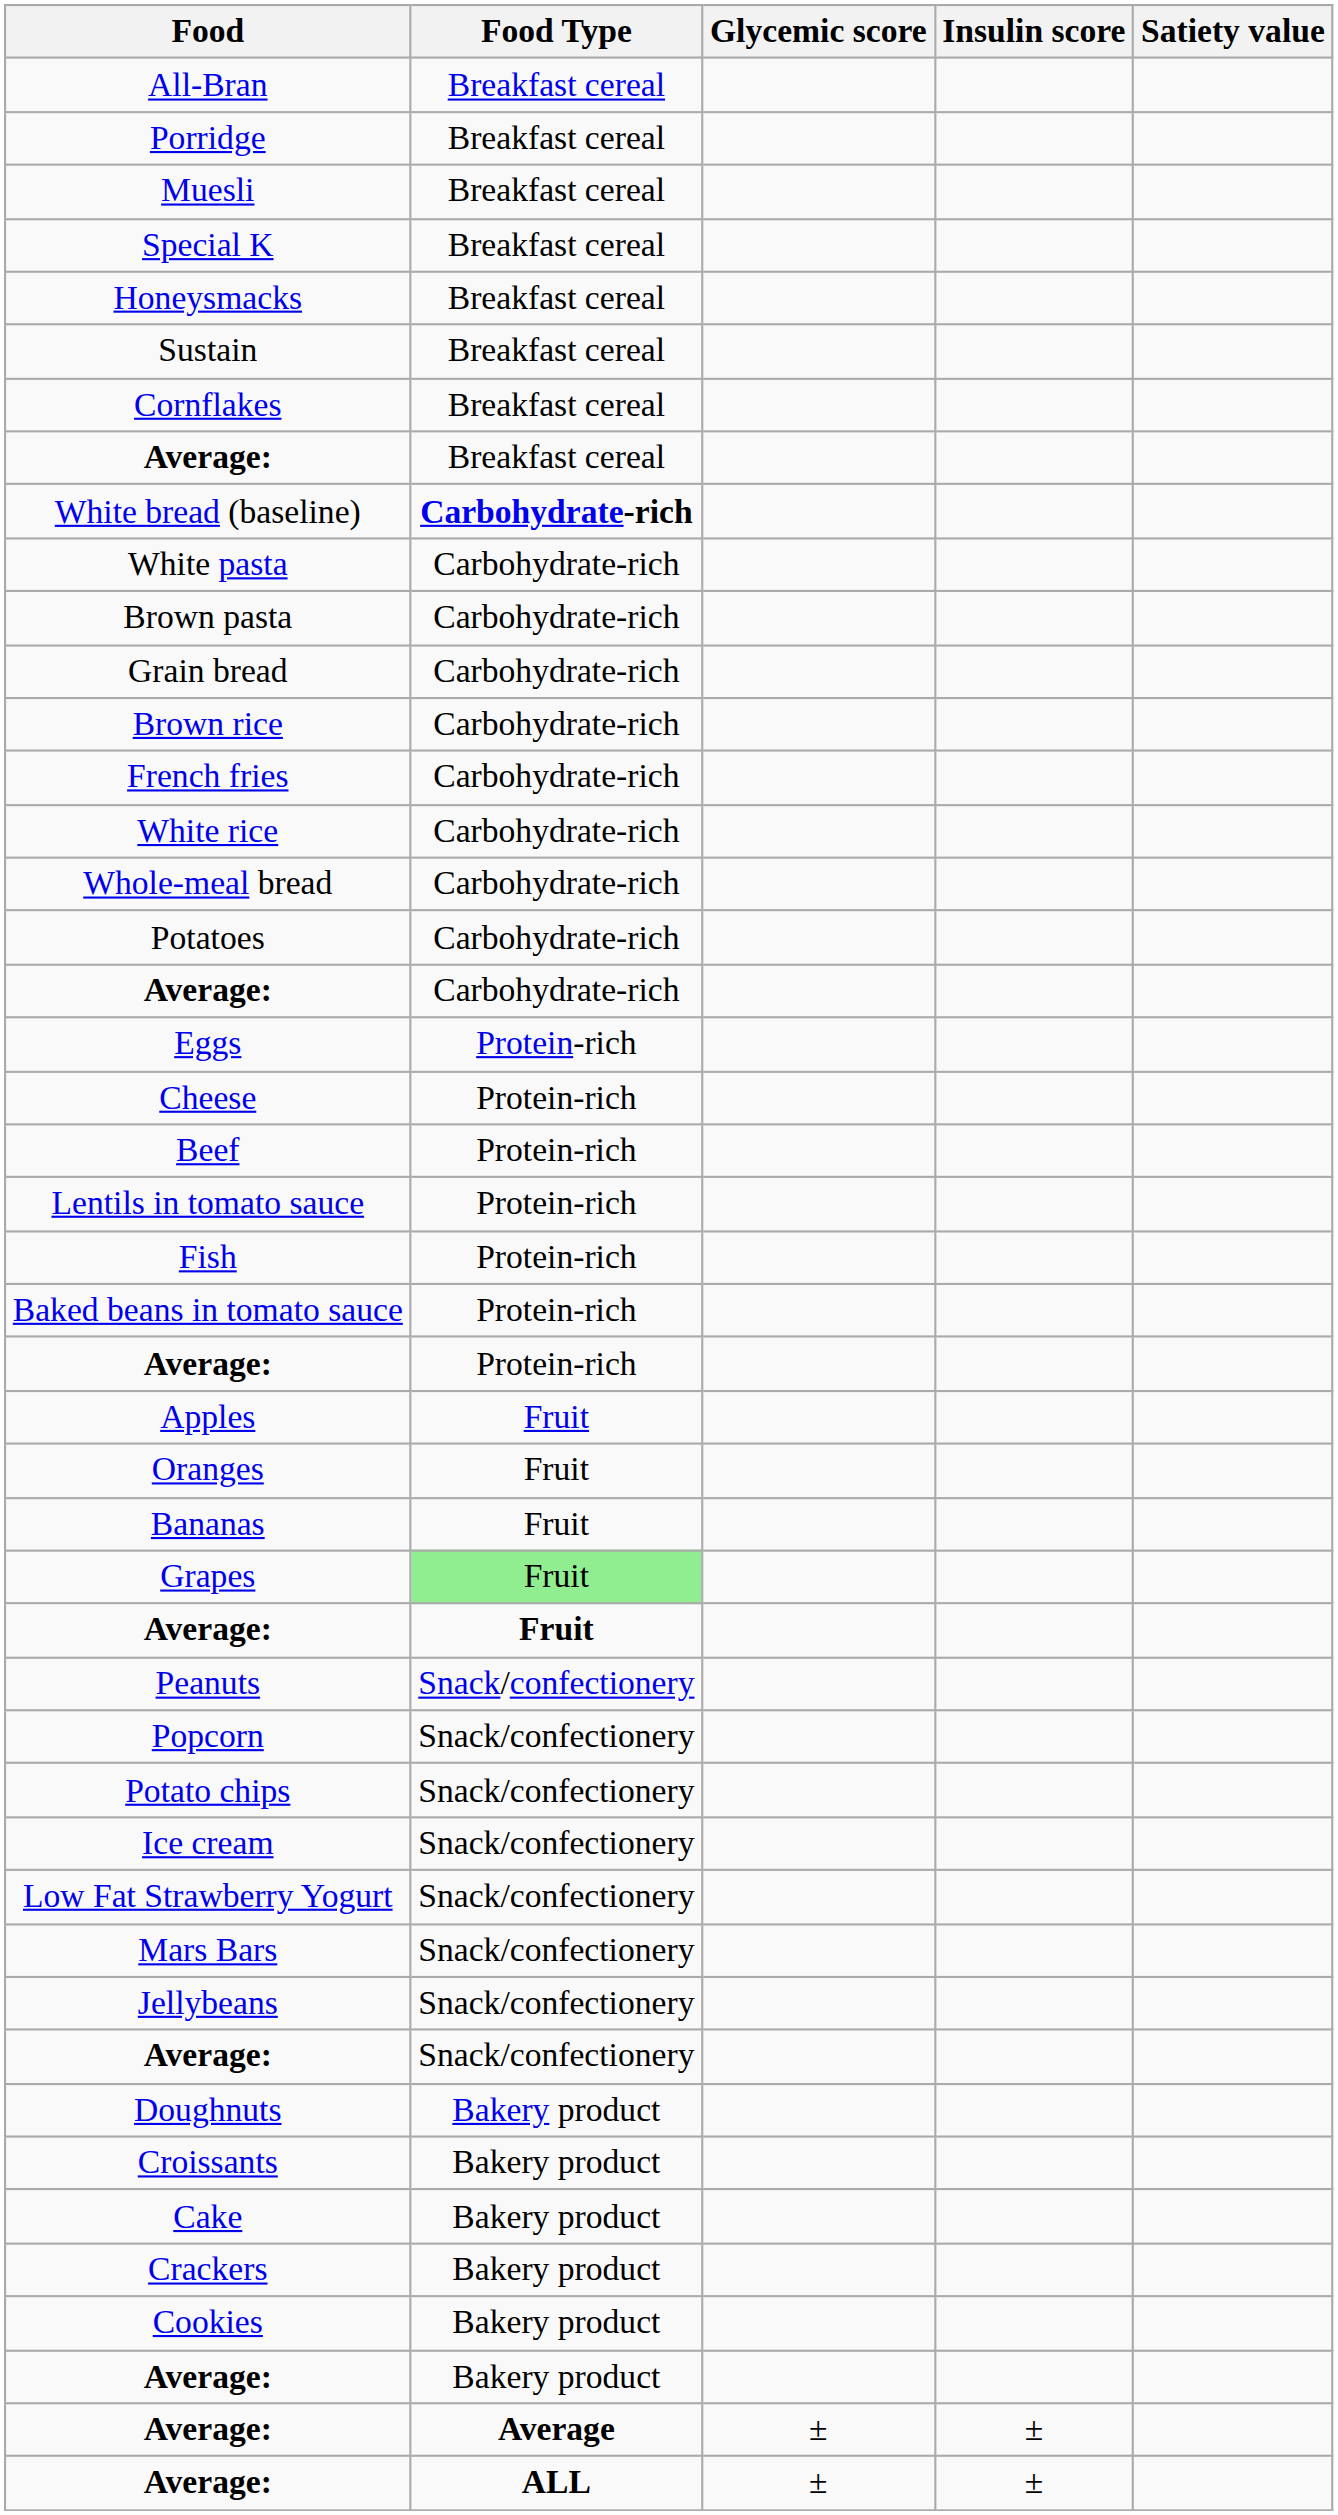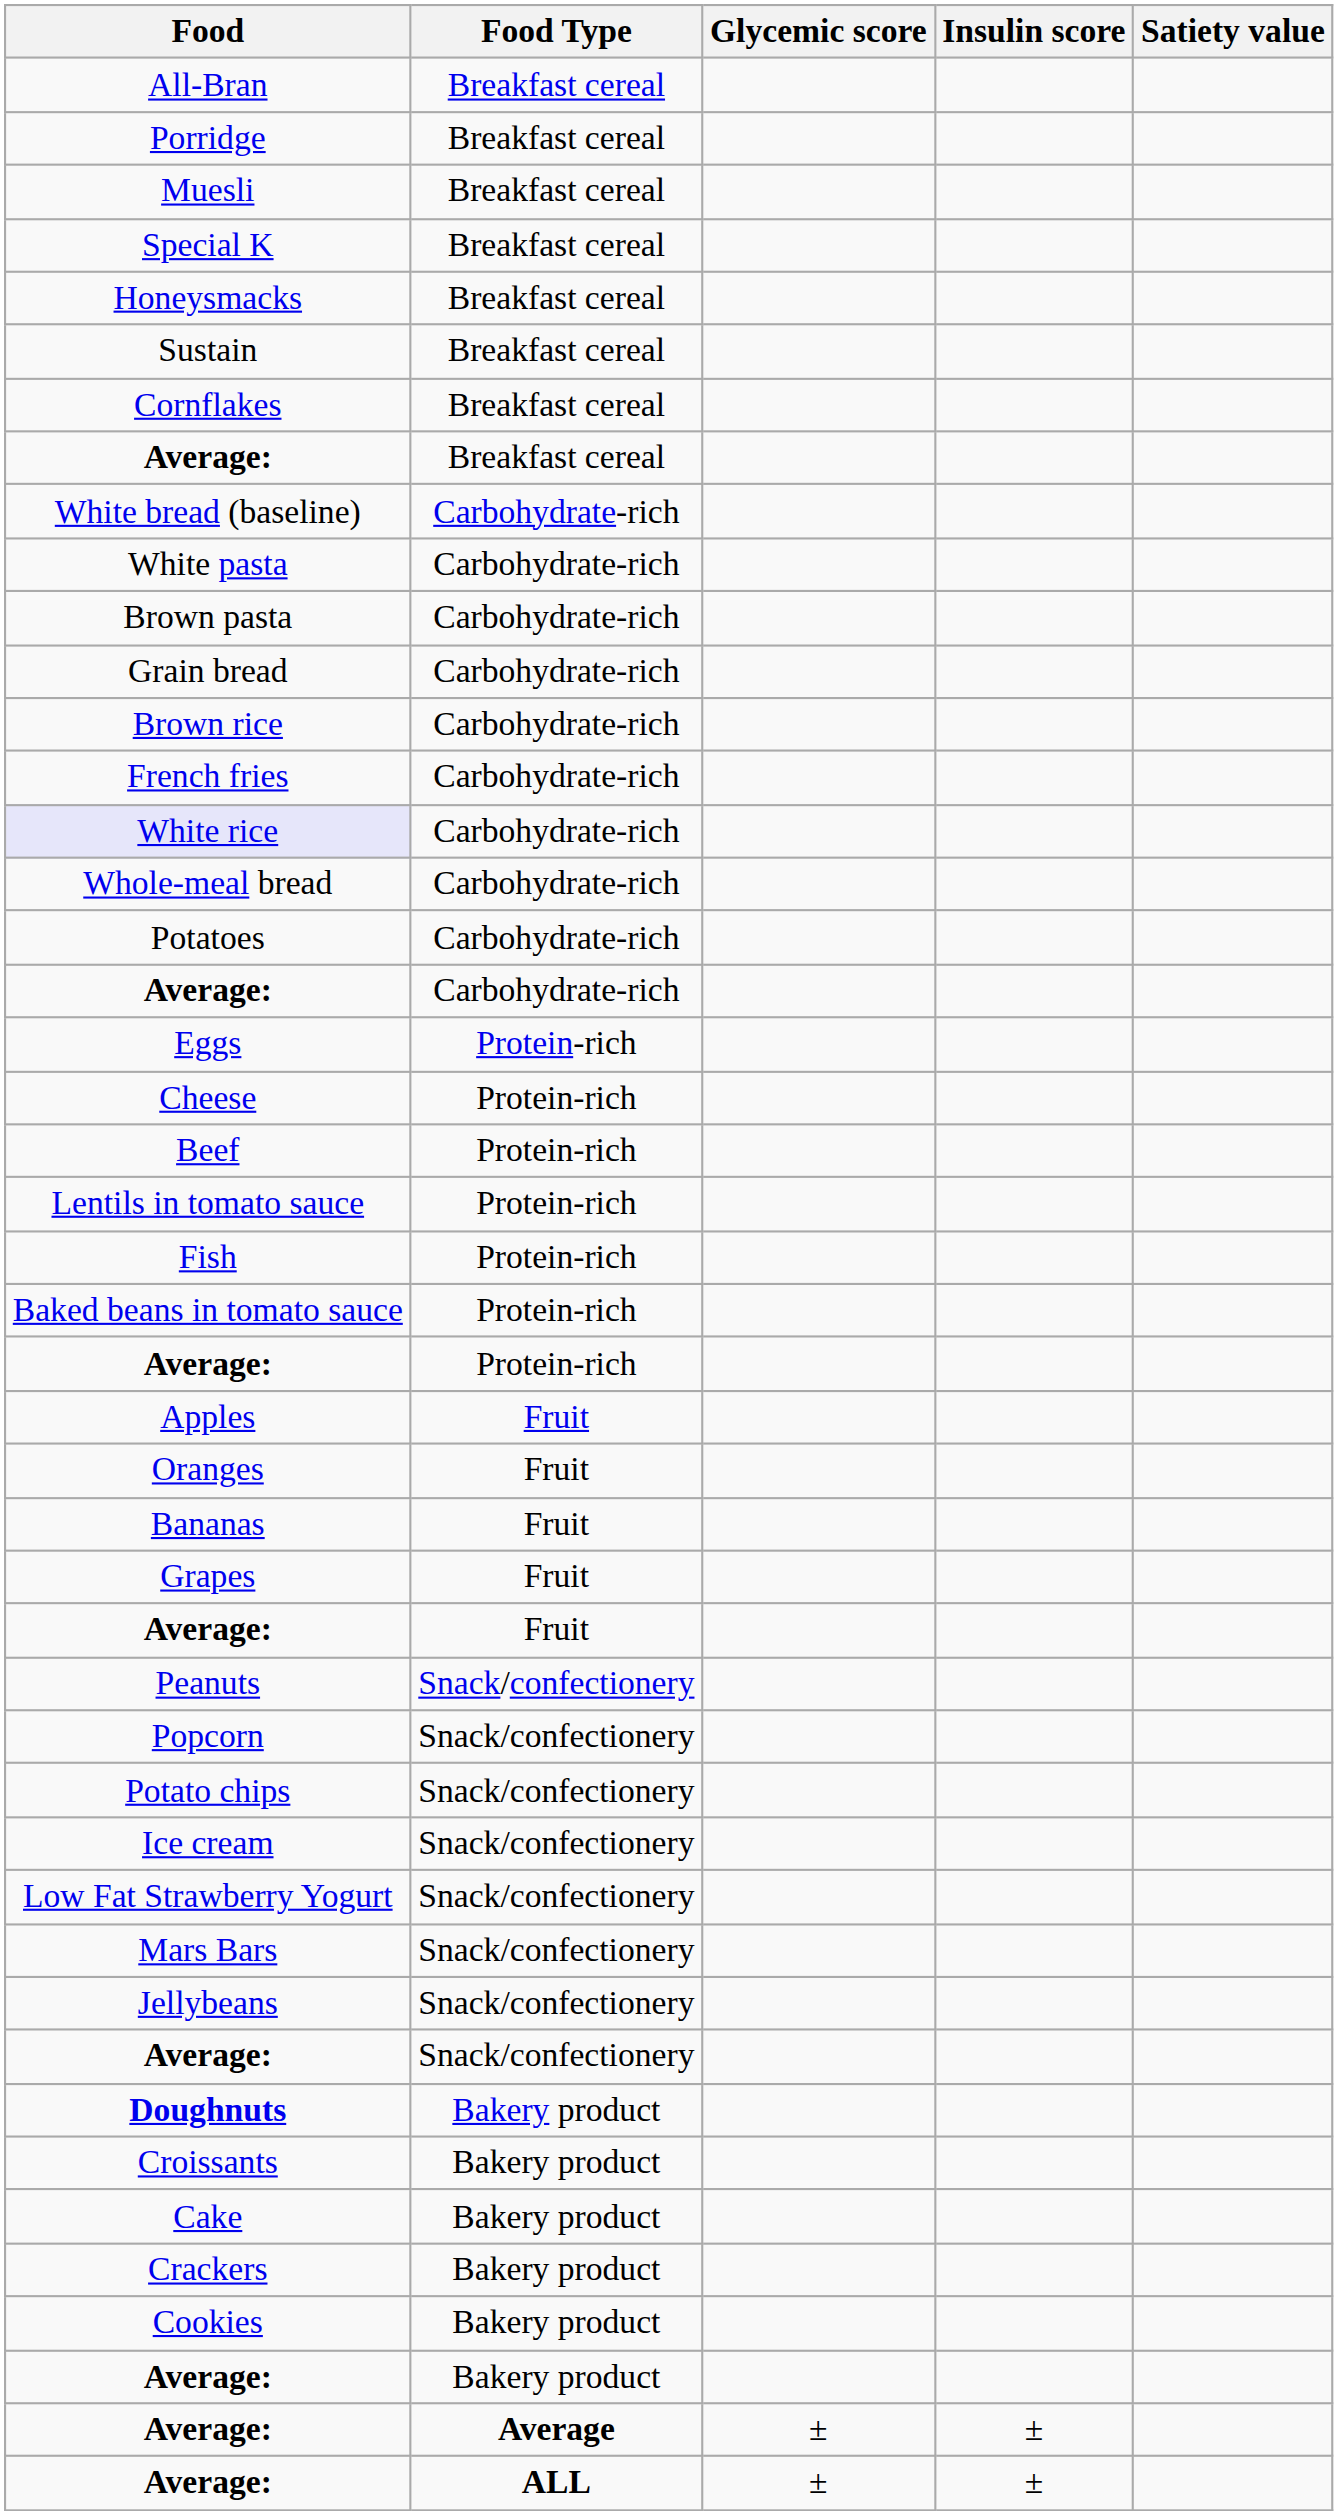 <table class="wikitable sortable sticky-header" style="text-align:center;">
 <tr>
 <th>Food</th>
 <th>Food Type</th>
 <th>Glycemic score</th>
 <th>Insulin score</th>
 <th>Satiety value</th>
 </tr>
 <tr>
 <td><a href='#'>All-Bran</a></td>
 <td><a href='#'>Breakfast cereal</a></td>
 <td></td>
 <td></td>
 <td></td>
 </tr>
 <tr>
 <td><a href='#'>Porridge</a></td>
 <td>Breakfast cereal</td>
 <td></td>
 <td></td>
 <td></td>
 </tr>
 <tr>
 <td><a href='#'>Muesli</a></td>
 <td>Breakfast cereal</td>
 <td></td>
 <td></td>
 <td></td>
 </tr>
 <tr>
 <td><a href='#'>Special K</a></td>
 <td>Breakfast cereal</td>
 <td></td>
 <td></td>
 <td></td>
 </tr>
 <tr>
 <td><a href='#'>Honeysmacks</a></td>
 <td>Breakfast cereal</td>
 <td></td>
 <td></td>
 <td></td>
 </tr>
 <tr>
 <td>Sustain</td>
 <td>Breakfast cereal</td>
 <td></td>
 <td></td>
 <td></td>
 </tr>
 <tr>
 <td><a href='#'>Cornflakes</a></td>
 <td>Breakfast cereal</td>
 <td></td>
 <td></td>
 <td></td>
 </tr>
 <tr>
 <td><strong>Average:</strong></td>
 <td>Breakfast cereal</td>
 <td></td>
 <td></td>
 <td></td>
 </tr>
 <tr>
 <td><a href='#'>White bread</a> (baseline)</td>
-<td><strong><a href='#'>Carbohydrate</a>-rich</strong></td>
+<td><a href='#'>Carbohydrate</a>-rich</td>
 <td></td>
 <td></td>
 <td></td>
 </tr>
 <tr>
 <td>White <a href='#'>pasta</a></td>
 <td>Carbohydrate-rich</td>
 <td></td>
 <td></td>
 <td></td>
 </tr>
 <tr>
 <td>Brown pasta</td>
 <td>Carbohydrate-rich</td>
 <td></td>
 <td></td>
 <td></td>
 </tr>
 <tr>
 <td>Grain bread</td>
 <td>Carbohydrate-rich</td>
 <td></td>
 <td></td>
 <td></td>
 </tr>
 <tr>
 <td><a href='#'>Brown rice</a></td>
 <td>Carbohydrate-rich</td>
 <td></td>
 <td></td>
 <td></td>
 </tr>
 <tr>
 <td><a href='#'>French fries</a></td>
 <td>Carbohydrate-rich</td>
 <td></td>
 <td></td>
 <td></td>
 </tr>
 <tr>
-<td><a href='#'>White rice</a></td>
+<td style="background: lavender;"><a href='#'>White rice</a></td>
 <td>Carbohydrate-rich</td>
 <td></td>
 <td></td>
 <td></td>
 </tr>
 <tr>
 <td><a href='#'>Whole-meal</a> bread</td>
 <td>Carbohydrate-rich</td>
 <td></td>
 <td></td>
 <td></td>
 </tr>
 <tr>
 <td>Potatoes</td>
 <td>Carbohydrate-rich</td>
 <td></td>
 <td></td>
 <td></td>
 </tr>
 <tr>
 <td><strong>Average:</strong></td>
 <td>Carbohydrate-rich</td>
 <td></td>
 <td></td>
 <td></td>
 </tr>
 <tr>
 <td><a href='#'>Eggs</a></td>
 <td><a href='#'>Protein</a>-rich</td>
 <td></td>
 <td></td>
 <td></td>
 </tr>
 <tr>
 <td><a href='#'>Cheese</a></td>
 <td>Protein-rich</td>
 <td></td>
 <td></td>
 <td></td>
 </tr>
 <tr>
 <td><a href='#'>Beef</a></td>
 <td>Protein-rich</td>
 <td></td>
 <td></td>
 <td></td>
 </tr>
 <tr>
 <td><a href='#'>Lentils in tomato sauce</a></td>
 <td>Protein-rich</td>
 <td></td>
 <td></td>
 <td></td>
 </tr>
 <tr>
 <td><a href='#'>Fish</a></td>
 <td>Protein-rich</td>
 <td></td>
 <td></td>
 <td></td>
 </tr>
 <tr>
 <td><a href='#'>Baked beans in tomato sauce</a></td>
 <td>Protein-rich</td>
 <td></td>
 <td></td>
 <td></td>
 </tr>
 <tr>
 <td><strong>Average:</strong></td>
 <td>Protein-rich</td>
 <td></td>
 <td></td>
 <td></td>
 </tr>
 <tr>
 <td><a href='#'>Apples</a></td>
 <td><a href='#'>Fruit</a></td>
 <td></td>
 <td></td>
 <td></td>
 </tr>
 <tr>
 <td><a href='#'>Oranges</a></td>
 <td>Fruit</td>
 <td></td>
 <td></td>
 <td></td>
 </tr>
 <tr>
 <td><a href='#'>Bananas</a></td>
 <td>Fruit</td>
 <td></td>
 <td></td>
 <td></td>
 </tr>
 <tr>
 <td><a href='#'>Grapes</a></td>
-<td style="background: lightgreen;">Fruit</td>
+<td>Fruit</td>
 <td></td>
 <td></td>
 <td></td>
 </tr>
 <tr>
 <td><strong>Average:</strong></td>
-<td><strong>Fruit</strong></td>
+<td>Fruit</td>
 <td></td>
 <td></td>
 <td></td>
 </tr>
 <tr>
 <td><a href='#'>Peanuts</a></td>
 <td><a href='#'>Snack</a>/<a href='#'>confectionery</a></td>
 <td></td>
 <td></td>
 <td></td>
 </tr>
 <tr>
 <td><a href='#'>Popcorn</a></td>
 <td>Snack/confectionery</td>
 <td></td>
 <td></td>
 <td></td>
 </tr>
 <tr>
 <td><a href='#'>Potato chips</a></td>
 <td>Snack/confectionery</td>
 <td></td>
 <td></td>
 <td></td>
 </tr>
 <tr>
 <td><a href='#'>Ice cream</a></td>
 <td>Snack/confectionery</td>
 <td></td>
 <td></td>
 <td></td>
 </tr>
 <tr>
 <td><a href='#'>Low Fat Strawberry Yogurt</a></td>
 <td>Snack/confectionery</td>
 <td></td>
 <td></td>
 <td></td>
 </tr>
 <tr>
 <td><a href='#'>Mars Bars</a></td>
 <td>Snack/confectionery</td>
 <td></td>
 <td></td>
 <td></td>
 </tr>
 <tr>
 <td><a href='#'>Jellybeans</a></td>
 <td>Snack/confectionery</td>
 <td></td>
 <td></td>
 <td></td>
 </tr>
 <tr>
 <td><strong>Average:</strong></td>
 <td>Snack/confectionery</td>
 <td></td>
 <td></td>
 <td></td>
 </tr>
 <tr>
-<td><a href='#'>Doughnuts</a></td>
+<td><strong><a href='#'>Doughnuts</a></strong></td>
 <td><a href='#'>Bakery</a> product</td>
 <td></td>
 <td></td>
 <td></td>
 </tr>
 <tr>
 <td><a href='#'>Croissants</a></td>
 <td>Bakery product</td>
 <td></td>
 <td></td>
 <td></td>
 </tr>
 <tr>
 <td><a href='#'>Cake</a></td>
 <td>Bakery product</td>
 <td></td>
 <td></td>
 <td></td>
 </tr>
 <tr>
 <td><a href='#'>Crackers</a></td>
 <td>Bakery product</td>
 <td></td>
 <td></td>
 <td></td>
 </tr>
 <tr>
 <td><a href='#'>Cookies</a></td>
 <td>Bakery product</td>
 <td></td>
 <td></td>
 <td></td>
 </tr>
 <tr>
 <td><strong>Average:</strong></td>
 <td>Bakery product</td>
 <td></td>
 <td></td>
 <td></td>
 </tr>
 <tr>
 <td><strong>Average:</strong></td>
 <td><strong>Average</strong></td>
 <td> ± </td>
 <td> ± </td>
 <td></td>
 </tr>
 <tr>
 <td><strong>Average:</strong></td>
 <td><strong>ALL</strong></td>
 <td> ± </td>
 <td> ± </td>
 <td></td>
 </tr>
 </table>
